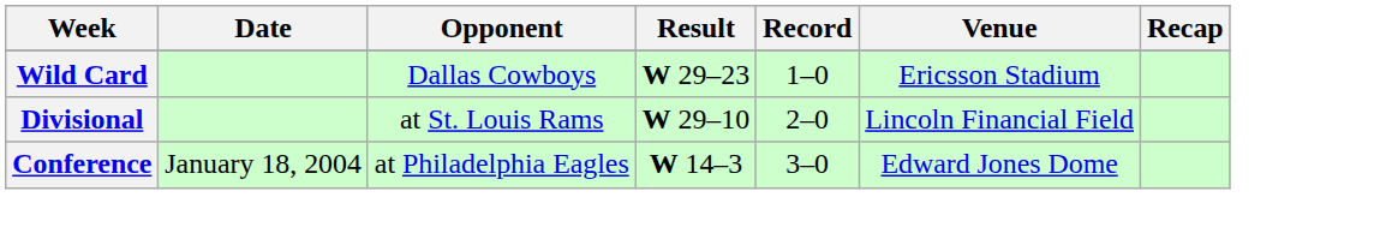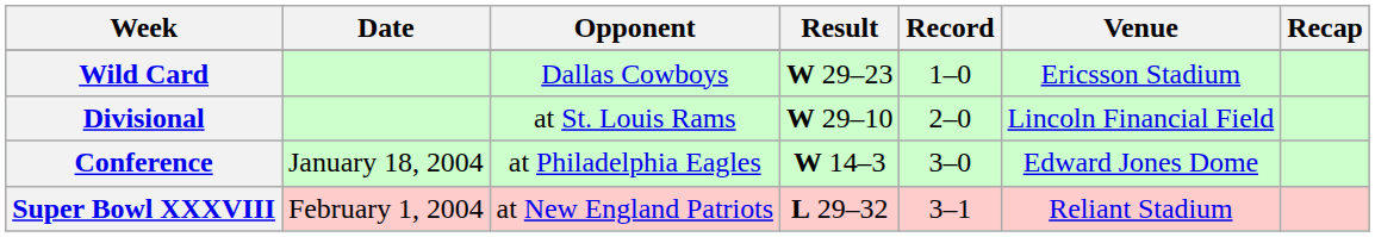 <table class="wikitable" style="text-align:center">
 <tr>
 <th>Week</th>
 <th>Date</th>
 <th>Opponent</th>
 <th>Result</th>
 <th>Record</th>
 <th>Venue</th>
 <th>Recap</th>
 </tr>
 <tr>
 </tr>
 <tr align="center" bgcolor="#cfc">
 <th><a href='#'>Wild Card</a></th>
 <td></td>
 <td><a href='#'>Dallas Cowboys</a></td>
 <td><strong>W</strong> 29–23 </td>
 <td>1–0</td>
 <td><a href='#'>Ericsson Stadium</a></td>
 <td></td>
 </tr>
 <tr align="center" bgcolor="#cfc">
 <th><a href='#'>Divisional</a></th>
 <td></td>
 <td>at <a href='#'>St. Louis Rams</a></td>
 <td><strong>W</strong> 29–10</td>
 <td>2–0</td>
 <td><a href='#'>Lincoln Financial Field</a></td>
 <td></td>
 </tr>
 <tr align="center" bgcolor="#cfc">
 <th><a href='#'>Conference</a></th>
 <td>January 18, 2004</td>
 <td>at <a href='#'>Philadelphia Eagles</a></td>
 <td><strong>W</strong> 14–3</td>
 <td>3–0</td>
 <td><a href='#'>Edward Jones Dome</a></td>
 <td></td>
 </tr>
+<tr align="center" bgcolor="#fcc">
+<th><a href='#'>Super Bowl XXXVIII</a></th>
+<td>February 1, 2004</td>
+<td>at <a href='#'>New England Patriots</a></td>
+<td><strong>L</strong> 29–32</td>
+<td>3–1</td>
+<td><a href='#'>Reliant Stadium</a></td>
+<td></td>
+</tr>
 </table>
